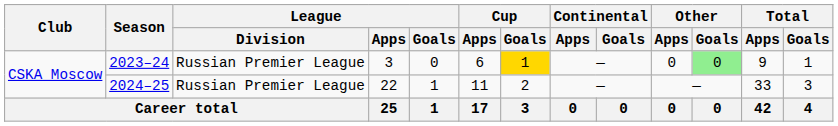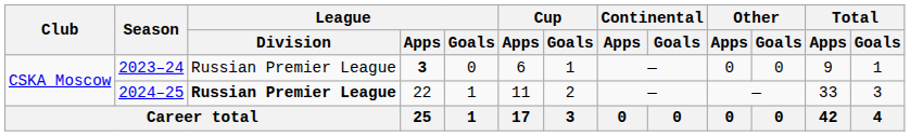 <table class="wikitable" style="text-align:center">
 <tr>
 <th rowspan="2">Club</th>
 <th rowspan="2">Season</th>
 <th colspan="3">League</th>
 <th colspan="2">Cup</th>
 <th colspan="2">Continental</th>
 <th colspan="2">Other</th>
 <th colspan="2">Total</th>
 </tr>
 <tr>
 <th>Division</th>
 <th>Apps</th>
 <th>Goals</th>
 <th>Apps</th>
 <th>Goals</th>
 <th>Apps</th>
 <th>Goals</th>
 <th>Apps</th>
 <th>Goals</th>
 <th>Apps</th>
 <th>Goals</th>
 </tr>
 <tr>
 <td rowspan="2"><a href='#'>CSKA Moscow</a></td>
 <td><a href='#'>2023–24</a></td>
 <td>Russian Premier League</td>
-<td>3</td>
+<td><strong>3</strong></td>
 <td>0</td>
 <td>6</td>
-<td style="background: gold;">1</td>
+<td>1</td>
 <td colspan="2">—</td>
 <td>0</td>
-<td style="background: lightgreen;">0</td>
+<td>0</td>
 <td>9</td>
 <td>1</td>
 </tr>
 <tr>
 <td><a href='#'>2024–25</a></td>
-<td>Russian Premier League</td>
+<td><strong>Russian Premier League</strong></td>
 <td>22</td>
 <td>1</td>
 <td>11</td>
 <td>2</td>
 <td colspan="2">—</td>
 <td colspan="2">—</td>
 <td>33</td>
 <td>3</td>
 </tr>
 <tr>
 <th colspan="3">Career total</th>
 <th>25</th>
 <th>1</th>
 <th>17</th>
 <th>3</th>
 <th>0</th>
 <th>0</th>
 <th>0</th>
 <th>0</th>
 <th>42</th>
 <th>4</th>
 </tr>
 </table>
